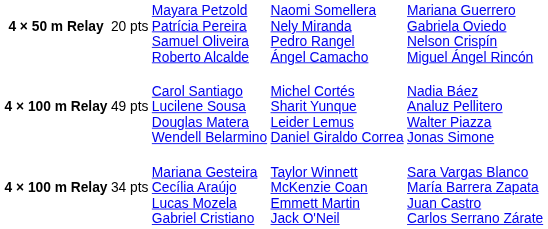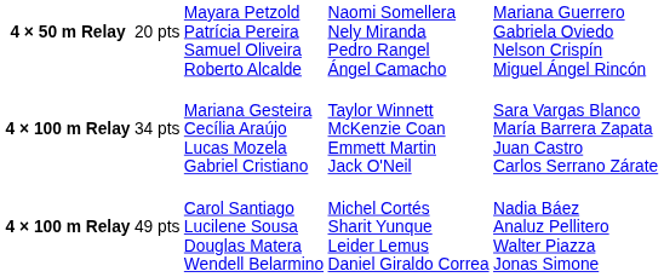 <table>
 <tr>
 <th>4 × 50 m Relay</th>
 <td>20 pts <br></td>
 <td><br><a href='#'>Mayara Petzold</a><br><a href='#'>Patrícia Pereira</a><br><a href='#'>Samuel Oliveira</a><br><a href='#'>Roberto Alcalde</a></td>
 <td><br><a href='#'>Naomi Somellera</a><br><a href='#'>Nely Miranda</a><br><a href='#'>Pedro Rangel</a><br><a href='#'>Ángel Camacho</a></td>
 <td><br><a href='#'>Mariana Guerrero</a><br><a href='#'>Gabriela Oviedo</a><br><a href='#'>Nelson Crispín</a><br><a href='#'>Miguel Ángel Rincón</a></td>
 </tr>
 <tr>
 <th>4 × 100 m Relay</th>
+<td>34 pts <br></td>
+<td><br><a href='#'>Mariana Gesteira</a><br><a href='#'>Cecília Araújo</a><br><a href='#'>Lucas Mozela</a><br><a href='#'>Gabriel Cristiano</a></td>
+<td><br><a href='#'>Taylor Winnett</a><br><a href='#'>McKenzie Coan</a><br><a href='#'>Emmett Martin</a><br><a href='#'>Jack O'Neil</a></td>
+<td><br><a href='#'>Sara Vargas Blanco</a><br><a href='#'>María Barrera Zapata</a><br><a href='#'>Juan Castro</a><br><a href='#'>Carlos Serrano Zárate</a></td>
+</tr>
+<tr>
+<th>4 × 100 m Relay</th>
 <td>49 pts <br></td>
 <td><br><a href='#'>Carol Santiago</a><br><a href='#'>Lucilene Sousa</a><br><a href='#'>Douglas Matera</a><br><a href='#'>Wendell Belarmino</a></td>
 <td><br><a href='#'>Michel Cortés</a><br><a href='#'>Sharit Yunque</a><br><a href='#'>Leider Lemus</a><br><a href='#'>Daniel Giraldo Correa</a></td>
 <td><br><a href='#'>Nadia Báez</a><br><a href='#'>Analuz Pellitero</a><br><a href='#'>Walter Piazza</a><br><a href='#'>Jonas Simone</a></td>
 </tr>
-<tr>
-<th>4 × 100 m Relay</th>
-<td>34 pts <br></td>
-<td><br><a href='#'>Mariana Gesteira</a><br><a href='#'>Cecília Araújo</a><br><a href='#'>Lucas Mozela</a><br><a href='#'>Gabriel Cristiano</a></td>
-<td><br><a href='#'>Taylor Winnett</a><br><a href='#'>McKenzie Coan</a><br><a href='#'>Emmett Martin</a><br><a href='#'>Jack O'Neil</a></td>
-<td><br><a href='#'>Sara Vargas Blanco</a><br><a href='#'>María Barrera Zapata</a><br><a href='#'>Juan Castro</a><br><a href='#'>Carlos Serrano Zárate</a></td>
-</tr>
 </table>
